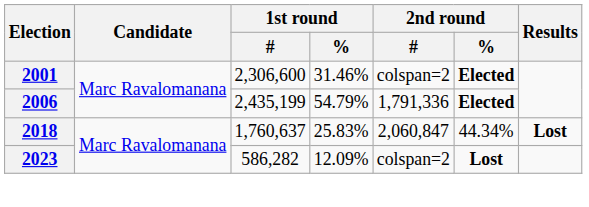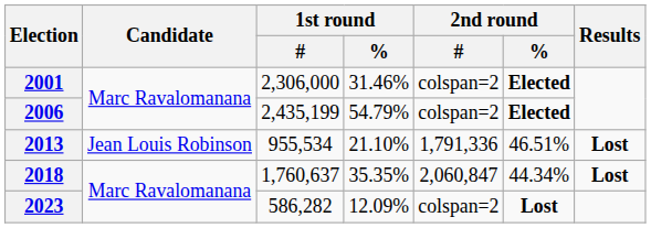 <table class="wikitable" style="text-align:center">
 <tr>
 <th rowspan=2>Election</th>
 <th rowspan=2>Candidate</th>
 <th colspan=2>1st round</th>
 <th colspan=2>2nd round</th>
 <th rowspan=2>Results</th>
 </tr>
 <tr>
 <th>#</th>
 <th>%</th>
 <th>#</th>
 <th>%</th>
 </tr>
 <tr>
 <th><a href='#'>2001</a></th>
 <td rowspan="2"><a href='#'>Marc Ravalomanana</a></td>
-<td>2,306,600</td>
+<td>2,306,000</td>
 <td>31.46%</td>
 <td>colspan=2 </td>
 <td><strong>Elected</strong> </td>
 </tr>
 <tr>
 <th><a href='#'>2006</a></th>
 <td>2,435,199</td>
 <td>54.79%</td>
+<td>colspan=2 </td>
+<td><strong>Elected</strong> </td>
+</tr>
+<tr>
+<th><a href='#'>2013</a></th>
+<td><a href='#'>Jean Louis Robinson</a></td>
+<td>955,534</td>
+<td>21.10%</td>
 <td>1,791,336</td>
-<td><strong>Elected</strong> </td>
+<td>46.51%</td>
+<td><strong>Lost</strong> </td>
 </tr>
 <tr>
 <th><a href='#'>2018</a></th>
 <td rowspan="2"><a href='#'>Marc Ravalomanana</a></td>
 <td>1,760,637</td>
-<td>25.83%</td>
+<td>35.35%</td>
 <td>2,060,847</td>
 <td>44.34%</td>
 <td><strong>Lost</strong> </td>
 </tr>
 <tr>
 <th><a href='#'>2023</a></th>
 <td>586,282</td>
 <td>12.09%</td>
 <td>colspan=2 </td>
 <td><strong>Lost</strong> </td>
 </tr>
 </table>
